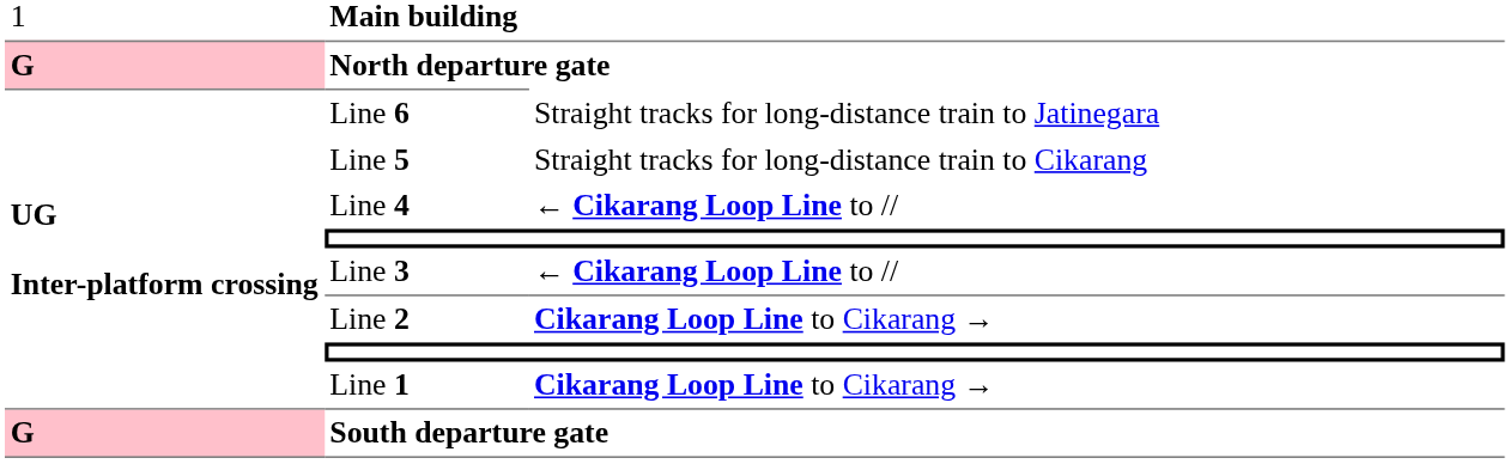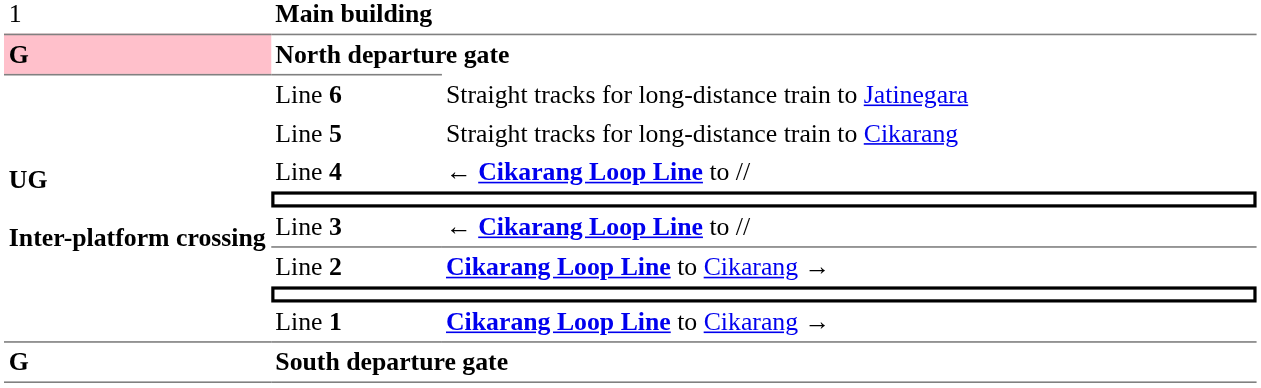 <table cellspacing="0" cellpadding="3">
 <tr>
 <td>1</td>
 <td colspan="2"><strong>Main building</strong></td>
 </tr>
 <tr>
 <td style="background: pink; border-top:solid 1px gray;"><strong>G</strong></td>
 <td colspan="2" style="border-top:solid 1px gray;"><strong>North departure gate</strong></td>
 </tr>
 <tr>
 <td rowspan="8" style="border-top:solid 1px gray;border-bottom:solid 1px gray;"><strong>UG</strong><br><br><strong>Inter-platform crossing</strong></td>
 <td style="border-top:solid 1px gray;">Line <strong>6</strong></td>
 <td>Straight tracks for long-distance train to <a href='#'>Jatinegara</a></td>
 </tr>
 <tr>
 <td>Line <strong>5</strong></td>
 <td>Straight tracks for long-distance train to <a href='#'>Cikarang</a></td>
 </tr>
 <tr>
 <td>Line <strong>4</strong></td>
 <td>←   <strong><a href='#'>Cikarang Loop Line</a></strong> to //</td>
 </tr>
 <tr>
 <td colspan="2" style="border-top:solid 2px black;border-right:solid 2px black;border-left:solid 2px black;border-bottom:solid 2px black;text-align:center;"></td>
 </tr>
 <tr>
 <td>Line <strong>3</strong></td>
 <td>←   <strong><a href='#'>Cikarang Loop Line</a></strong> to //</td>
 </tr>
 <tr>
 <td style="border-top:solid 1px gray;" width="100">Line <strong>2</strong></td>
 <td style="border-top:solid 1px gray;" width="500"> <strong><a href='#'>Cikarang Loop Line</a></strong> to <a href='#'>Cikarang</a>  →</td>
 </tr>
 <tr>
 <td colspan="2" style="border-top:solid 2px black;border-right:solid 2px black;border-left:solid 2px black;border-bottom:solid 2px black;text-align:center;"></td>
 </tr>
 <tr>
 <td style="border-bottom:solid 1px gray;">Line <strong>1</strong></td>
 <td style="border-bottom:solid 1px gray;"> <strong><a href='#'>Cikarang Loop Line</a></strong> to <a href='#'>Cikarang</a>  →</td>
 </tr>
 <tr>
-<td style="background: pink; border-bottom:solid 1px gray;"><strong>G</strong></td>
+<td style="border-bottom:solid 1px gray;"><strong>G</strong></td>
 <td style="border-bottom:solid 1px gray;" colspan="2"><strong>South departure gate</strong></td>
 </tr>
 </table>
